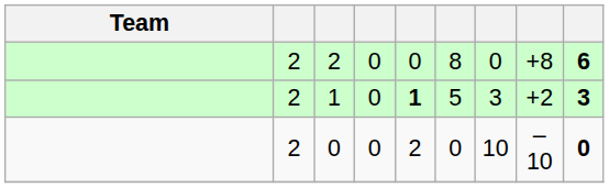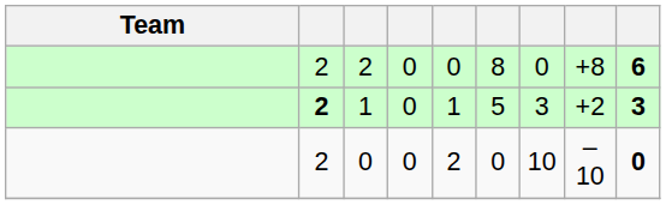 <table class="wikitable" style="text-align: center;">
 <tr>
 <th width="175">Team</th>
 <th width="20"></th>
 <th width="20"></th>
 <th width="20"></th>
 <th width="20"></th>
 <th width="20"></th>
 <th width="20"></th>
 <th width="25"></th>
 <th width="20"></th>
 </tr>
 <tr bgcolor=ccffcc>
 <td align=left></td>
 <td>2</td>
 <td>2</td>
 <td>0</td>
 <td>0</td>
 <td>8</td>
 <td>0</td>
 <td>+8</td>
 <td><strong>6</strong></td>
 </tr>
 <tr bgcolor=ccffcc>
 <td align=left></td>
-<td>2</td>
+<td><strong>2</strong></td>
 <td>1</td>
 <td>0</td>
-<td><strong>1</strong></td>
+<td>1</td>
 <td>5</td>
 <td>3</td>
 <td>+2</td>
 <td><strong>3</strong></td>
 </tr>
 <tr>
 <td align=left></td>
 <td>2</td>
 <td>0</td>
 <td>0</td>
 <td>2</td>
 <td>0</td>
 <td>10</td>
 <td>–10</td>
 <td><strong>0</strong></td>
 </tr>
 <tr>
 </tr>
 </table>
